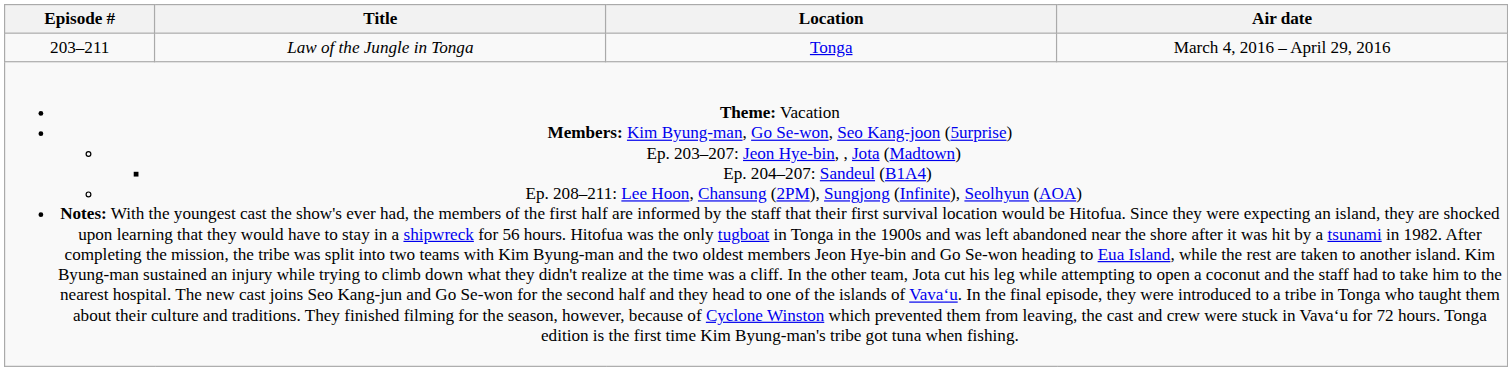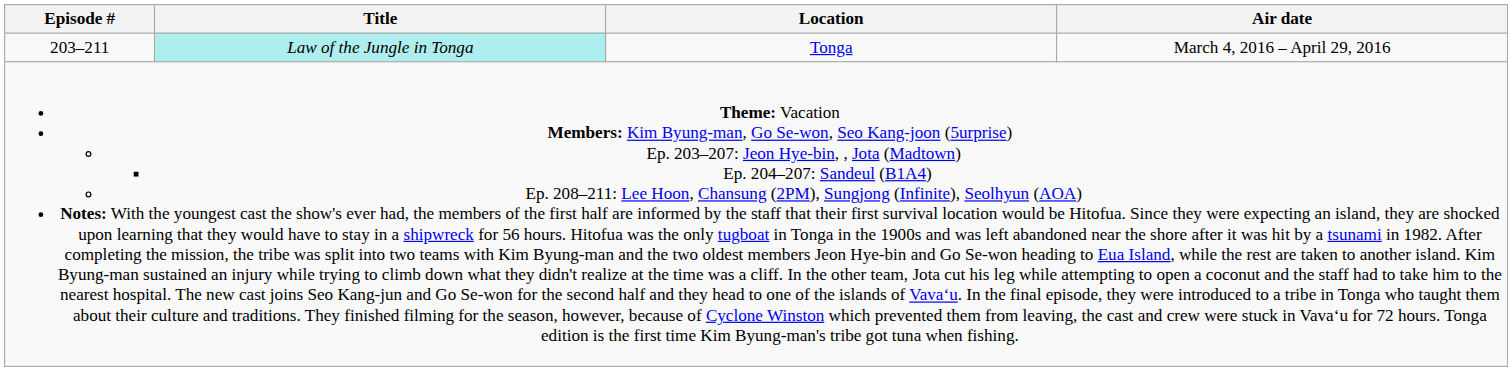 <table class="wikitable" style="text-align:center; font-size:90%; width:100%;">
 <tr>
 <th width="10%">Episode #</th>
 <th width="30%">Title</th>
 <th width="30%">Location</th>
 <th width="30%">Air date</th>
 </tr>
 <tr>
 <td>203–211</td>
-<td><em>Law of the Jungle in Tonga</em></td>
+<td style="background: paleturquoise;"><em>Law of the Jungle in Tonga</em></td>
 <td><a href='#'>Tonga</a></td>
 <td>March 4, 2016 – April 29, 2016</td>
 </tr>
 <tr>
 <td colspan="4"><br><ul><li><strong>Theme:</strong> Vacation</li><li><strong>Members:</strong> <a href='#'>Kim Byung-man</a>, <a href='#'>Go Se-won</a>, <a href='#'>Seo Kang-joon</a> (<a href='#'>5urprise</a>)<ul><li>Ep. 203–207: <a href='#'>Jeon Hye-bin</a>, , <a href='#'>Jota</a> (<a href='#'>Madtown</a>)<ul><li>Ep. 204–207: <a href='#'>Sandeul</a> (<a href='#'>B1A4</a>)</li></ul></li><li>Ep. 208–211: <a href='#'>Lee Hoon</a>, <a href='#'>Chansung</a> (<a href='#'>2PM</a>), <a href='#'>Sungjong</a> (<a href='#'>Infinite</a>), <a href='#'>Seolhyun</a> (<a href='#'>AOA</a>)</li></ul></li><li><strong>Notes:</strong> With the youngest cast the show's ever had, the members of the first half are informed by the staff that their first survival location would be Hitofua. Since they were expecting an island, they are shocked upon learning that they would have to stay in a <a href='#'>shipwreck</a> for 56 hours. Hitofua was the only <a href='#'>tugboat</a> in Tonga in the 1900s and was left abandoned near the shore after it was hit by a <a href='#'>tsunami</a> in 1982. After completing the mission, the tribe was split into two teams with Kim Byung-man and the two oldest members Jeon Hye-bin and Go Se-won heading to <a href='#'>Eua Island</a>, while the rest are taken to another island. Kim Byung-man sustained an injury while trying to climb down what they didn't realize at the time was a cliff. In the other team, Jota cut his leg while attempting to open a coconut and the staff had to take him to the nearest hospital. The new cast joins Seo Kang-jun and Go Se-won for the second half and they head to one of the islands of <a href='#'>Vavaʻu</a>. In the final episode, they were introduced to a tribe in Tonga who taught them about their culture and traditions. They finished filming for the season, however, because of <a href='#'>Cyclone Winston</a> which prevented them from leaving, the cast and crew were stuck in Vavaʻu for 72 hours. Tonga edition is the first time Kim Byung-man's tribe got tuna when fishing.</li></ul></td>
 </tr>
 </table>
